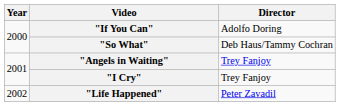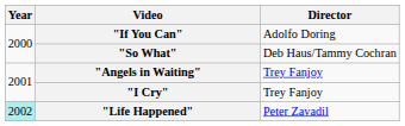 <table class="wikitable plainrowheaders">
 <tr>
 <th>Year</th>
 <th style="width:18em;">Video</th>
 <th>Director</th>
 </tr>
 <tr>
 <td rowspan="2">2000</td>
 <th scope="row">"If You Can"</th>
 <td>Adolfo Doring</td>
 </tr>
 <tr>
 <th scope="row">"So What"</th>
 <td>Deb Haus/Tammy Cochran</td>
 </tr>
 <tr>
 <td rowspan="2">2001</td>
 <th scope="row">"Angels in Waiting"</th>
 <td><a href='#'>Trey Fanjoy</a></td>
 </tr>
 <tr>
 <th scope="row">"I Cry"</th>
 <td>Trey Fanjoy</td>
 </tr>
 <tr>
-<td>2002</td>
+<td style="background: paleturquoise;">2002</td>
 <th scope="row">"Life Happened"</th>
 <td><a href='#'>Peter Zavadil</a></td>
 </tr>
 </table>
